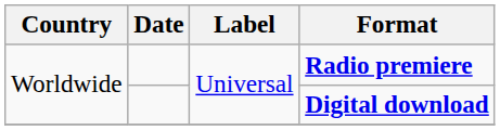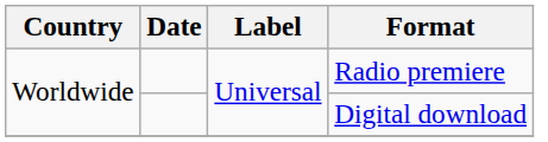 <table class="wikitable">
 <tr>
 <th>Country</th>
 <th>Date</th>
 <th>Label</th>
 <th>Format</th>
 </tr>
 <tr>
 <td rowspan="2">Worldwide</td>
 <td></td>
 <td rowspan="2"><a href='#'>Universal</a></td>
-<td><strong><a href='#'>Radio premiere</a></strong></td>
+<td><a href='#'>Radio premiere</a></td>
 </tr>
 <tr>
 <td></td>
-<td><strong><a href='#'>Digital download</a></strong></td>
+<td><a href='#'>Digital download</a></td>
 </tr>
 <tr>
 </tr>
 </table>
